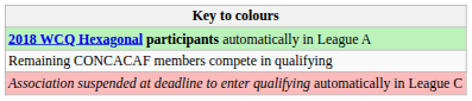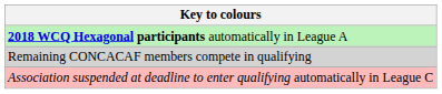 <table class="wikitable">
 <tr>
 <th>Key to colours</th>
 </tr>
 <tr bgcolor=#bbf3bb>
 <td><strong><a href='#'>2018 WCQ Hexagonal</a> participants</strong> automatically in League A</td>
 </tr>
 <tr>
-<td>Remaining CONCACAF members compete in qualifying</td>
+<td style="background: lightgrey;">Remaining CONCACAF members compete in qualifying</td>
 </tr>
 <tr bgcolor=#ffbbbb>
 <td><em>Association suspended at deadline to enter qualifying</em> automatically in League C</td>
 </tr>
 </table>
